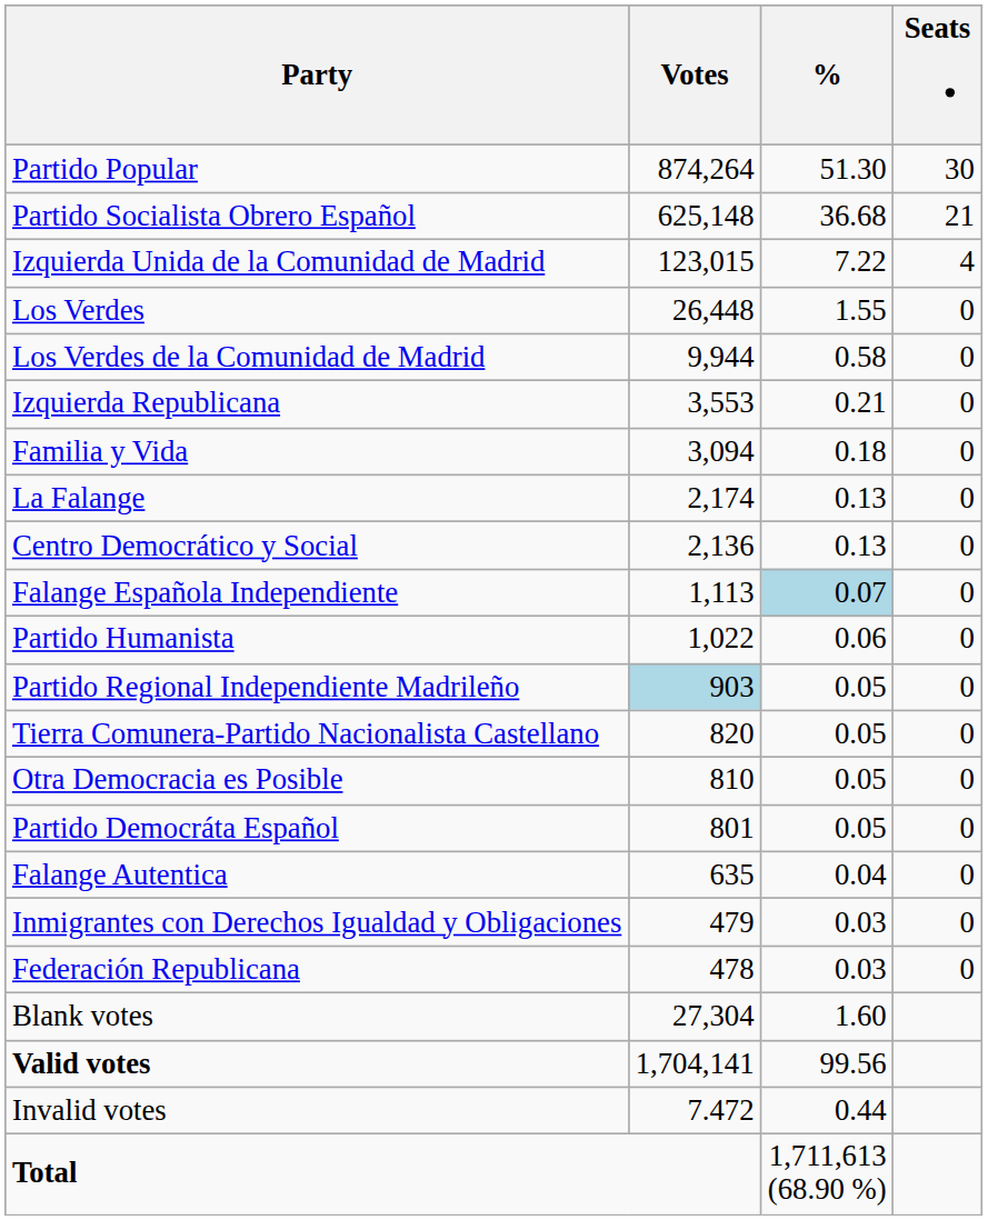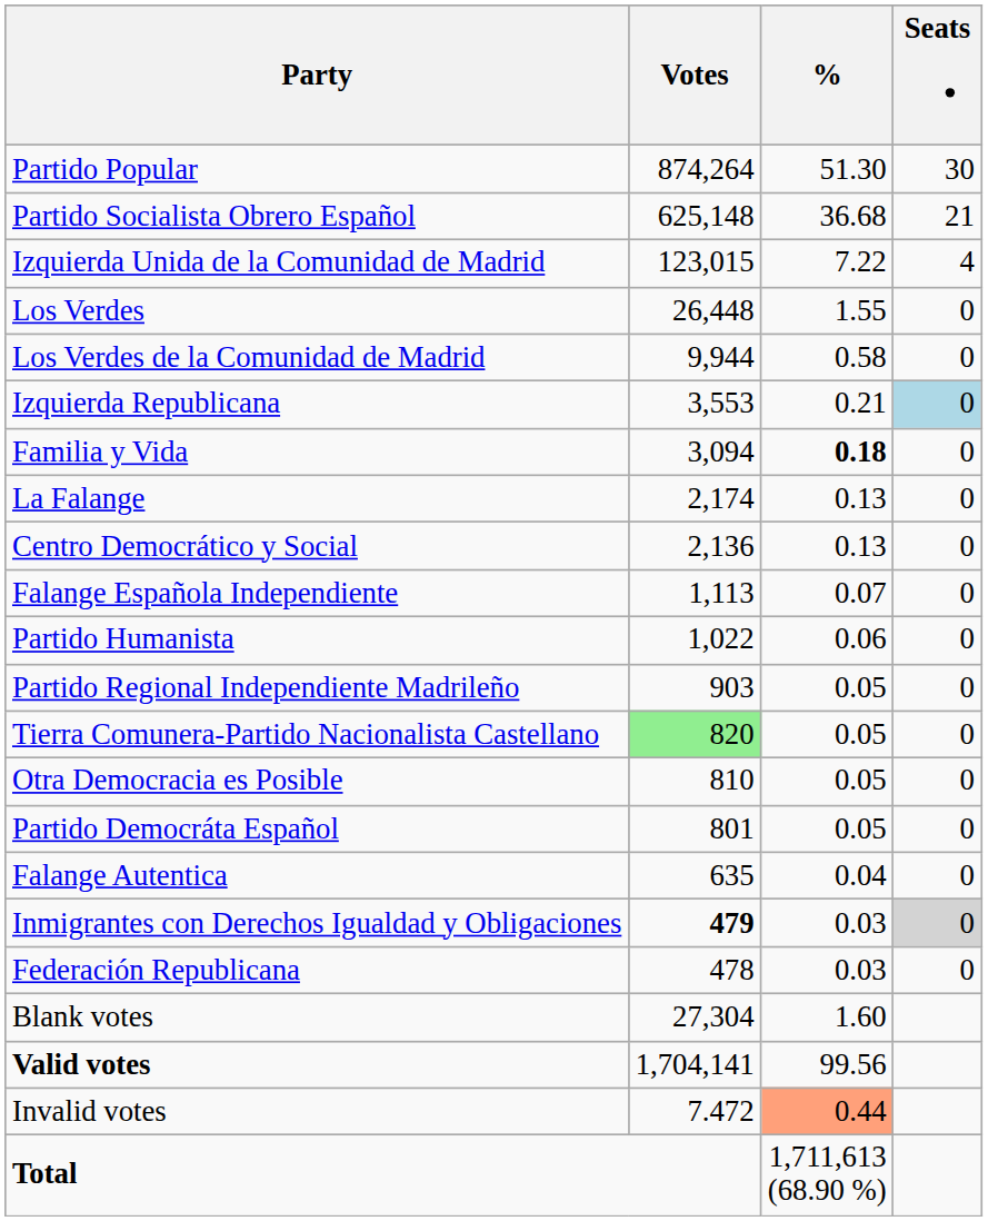 <table class="wikitable" border="1">
 <tr style="background-color:#E9E9E9">
 <th>Party</th>
 <th>Votes</th>
 <th>%</th>
 <th>Seats<br><ul><li></li></ul></th>
 </tr>
 <tr>
 <td><a href='#'>Partido Popular</a></td>
 <td align="right">874,264</td>
 <td align="right">51.30</td>
 <td align="right">30</td>
 </tr>
 <tr>
 <td><a href='#'>Partido Socialista Obrero Español</a></td>
 <td align="right">625,148</td>
 <td align="right">36.68</td>
 <td align="right">21</td>
 </tr>
 <tr>
 <td><a href='#'>Izquierda Unida de la Comunidad de Madrid</a></td>
 <td align="right">123,015</td>
 <td align="right">7.22</td>
 <td align="right">4</td>
 </tr>
 <tr>
 <td><a href='#'>Los Verdes</a></td>
 <td align="right">26,448</td>
 <td align="right">1.55</td>
 <td align="right">0</td>
 </tr>
 <tr>
 <td><a href='#'>Los Verdes de la Comunidad de Madrid</a></td>
 <td align="right">9,944</td>
 <td align="right">0.58</td>
 <td align="right">0</td>
 </tr>
 <tr>
 <td><a href='#'>Izquierda Republicana</a></td>
 <td align="right">3,553</td>
 <td align="right">0.21</td>
-<td align="right">0</td>
+<td align="right" style="background: lightblue;">0</td>
 </tr>
 <tr>
 <td><a href='#'>Familia y Vida</a></td>
 <td align="right">3,094</td>
-<td align="right">0.18</td>
+<td align="right"><strong>0.18</strong></td>
 <td align="right">0</td>
 </tr>
 <tr>
 <td><a href='#'>La Falange</a></td>
 <td align="right">2,174</td>
 <td align="right">0.13</td>
 <td align="right">0</td>
 </tr>
 <tr>
 <td><a href='#'>Centro Democrático y Social</a></td>
 <td align="right">2,136</td>
 <td align="right">0.13</td>
 <td align="right">0</td>
 </tr>
 <tr>
 <td><a href='#'>Falange Española Independiente</a></td>
 <td align="right">1,113</td>
-<td align="right" style="background: lightblue;">0.07</td>
+<td align="right">0.07</td>
 <td align="right">0</td>
 </tr>
 <tr>
 <td><a href='#'>Partido Humanista</a></td>
 <td align="right">1,022</td>
 <td align="right">0.06</td>
 <td align="right">0</td>
 </tr>
 <tr>
 <td><a href='#'>Partido Regional Independiente Madrileño</a></td>
-<td align="right" style="background: lightblue;">903</td>
+<td align="right">903</td>
 <td align="right">0.05</td>
 <td align="right">0</td>
 </tr>
 <tr>
 <td><a href='#'>Tierra Comunera-Partido Nacionalista Castellano</a></td>
-<td align="right">820</td>
+<td align="right" style="background: lightgreen;">820</td>
 <td align="right">0.05</td>
 <td align="right">0</td>
 </tr>
 <tr>
 <td><a href='#'>Otra Democracia es Posible</a></td>
 <td align="right">810</td>
 <td align="right">0.05</td>
 <td align="right">0</td>
 </tr>
 <tr>
 <td><a href='#'>Partido Democráta Español</a></td>
 <td align="right">801</td>
 <td align="right">0.05</td>
 <td align="right">0</td>
 </tr>
 <tr>
 <td><a href='#'>Falange Autentica</a></td>
 <td align="right">635</td>
 <td align="right">0.04</td>
 <td align="right">0</td>
 </tr>
 <tr>
 <td><a href='#'>Inmigrantes con Derechos Igualdad y Obligaciones</a></td>
-<td align="right">479</td>
+<td align="right"><strong>479</strong></td>
 <td align="right">0.03</td>
-<td align="right">0</td>
+<td align="right" style="background: lightgrey;">0</td>
 </tr>
 <tr>
 <td><a href='#'>Federación Republicana</a></td>
 <td align="right">478</td>
 <td align="right">0.03</td>
 <td align="right">0</td>
 </tr>
 <tr>
 <td>Blank votes</td>
 <td align="right">27,304</td>
 <td align="right">1.60</td>
 <td> </td>
 </tr>
 <tr>
 <td><strong>Valid votes</strong></td>
 <td align="right">1,704,141</td>
 <td align="right">99.56</td>
 <td> </td>
 </tr>
 <tr>
 <td>Invalid votes</td>
 <td align="right">7.472</td>
-<td align="right">0.44</td>
+<td align="right" style="background: lightsalmon;">0.44</td>
 <td> </td>
 </tr>
 <tr>
 <td colspan="2"><strong>Total</strong></td>
 <td align="right">1,711,613<br>(68.90 %)</td>
 <td></td>
 </tr>
 </table>
